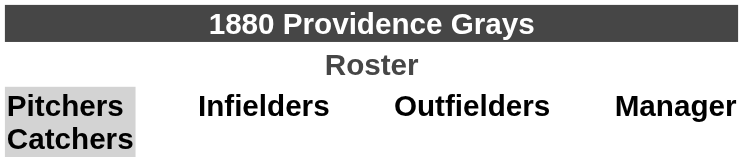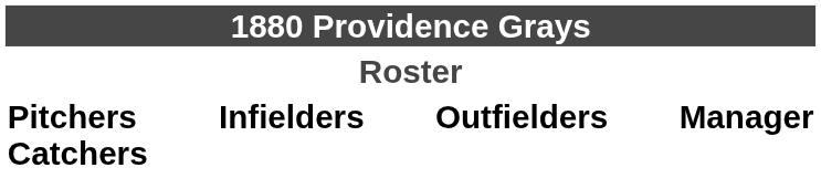 <table class="toccolours" style="font-size: 95%;">
 <tr>
 <th colspan="10" style="background-color: #464646; color: white; text-align: center;">1880 Providence Grays</th>
 </tr>
 <tr>
 <td colspan="10" style="background-color: white; color: #464646; text-align: center;"><strong>Roster</strong></td>
 </tr>
 <tr>
-<td valign="top" style="background: lightgrey;"><strong>Pitchers</strong><br> <strong>Catchers</strong> </td>
+<td valign="top"><strong>Pitchers</strong><br> <strong>Catchers</strong> </td>
 <td width="25px"></td>
 <td valign="top"><strong>Infielders</strong><br>    </td>
 <td width="25px"></td>
 <td valign="top"><strong>Outfielders</strong><br>   </td>
 <td width="25px"></td>
 <td valign="top"><strong>Manager</strong><br>  </td>
 </tr>
 </table>
